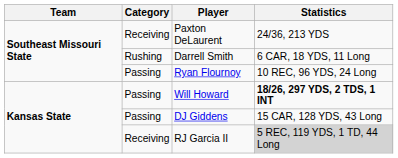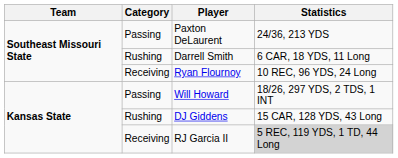 <table class="wikitable" style="float: right;">
 <tr>
 <th>Team</th>
 <th>Category</th>
 <th>Player</th>
 <th>Statistics</th>
 </tr>
 <tr>
 <td rowspan=3><strong>Southeast Missouri State</strong></td>
-<td>Receiving</td>
+<td>Passing</td>
 <td>Paxton DeLaurent</td>
 <td>24/36, 213 YDS</td>
 </tr>
 <tr>
 <td>Rushing</td>
 <td>Darrell Smith</td>
 <td>6 CAR, 18 YDS, 11 Long</td>
 </tr>
 <tr>
-<td>Passing</td>
+<td>Receiving</td>
 <td><a href='#'>Ryan Flournoy</a></td>
 <td>10 REC, 96 YDS, 24 Long</td>
 </tr>
 <tr>
 <td rowspan=3><strong>Kansas State</strong></td>
 <td>Passing</td>
 <td><a href='#'>Will Howard</a></td>
-<td><strong>18/26, 297 YDS, 2 TDS, 1 INT</strong></td>
+<td>18/26, 297 YDS, 2 TDS, 1 INT</td>
 </tr>
 <tr>
-<td>Passing</td>
+<td>Rushing</td>
 <td><a href='#'>DJ Giddens</a></td>
 <td>15 CAR, 128 YDS, 43 Long</td>
 </tr>
 <tr>
 <td>Receiving</td>
 <td>RJ Garcia II</td>
 <td style="background: lightgrey;">5 REC, 119 YDS, 1 TD, 44 Long</td>
 </tr>
 </table>
